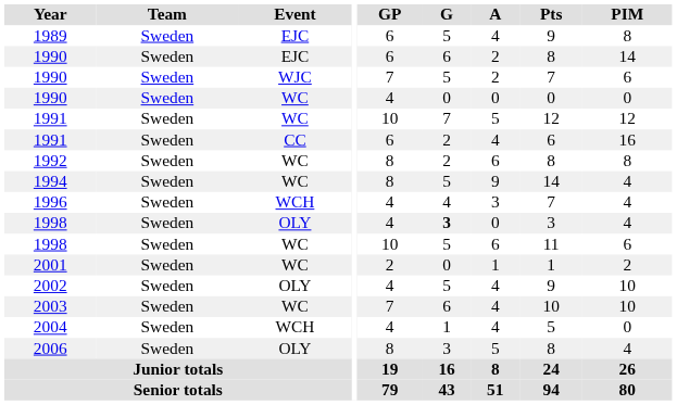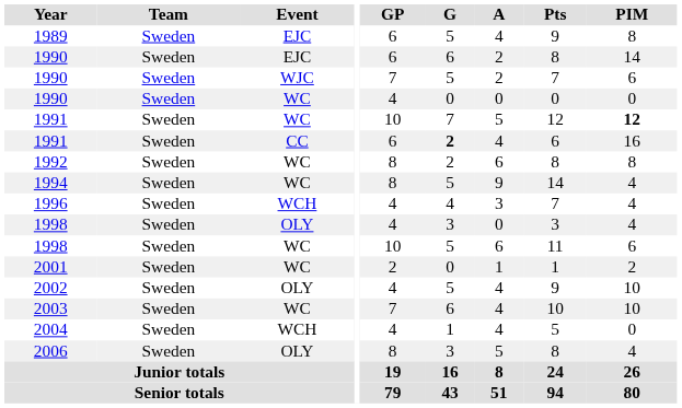 <table border="0" cellpadding="1" cellspacing="0" ID="Table3" style="text-align:center; width:40em">
 <tr bgcolor="#e0e0e0">
 <th>Year</th>
 <th>Team</th>
 <th>Event</th>
 <th rowspan="102" bgcolor="#ffffff"></th>
 <th>GP</th>
 <th>G</th>
 <th>A</th>
 <th>Pts</th>
 <th>PIM</th>
 </tr>
 <tr>
 <td><a href='#'>1989</a></td>
 <td><a href='#'>Sweden</a></td>
 <td><a href='#'>EJC</a></td>
 <td>6</td>
 <td>5</td>
 <td>4</td>
 <td>9</td>
 <td>8</td>
 </tr>
 <tr bgcolor="#f0f0f0">
 <td><a href='#'>1990</a></td>
 <td>Sweden</td>
 <td>EJC</td>
 <td>6</td>
 <td>6</td>
 <td>2</td>
 <td>8</td>
 <td>14</td>
 </tr>
 <tr>
 <td><a href='#'>1990</a></td>
 <td><a href='#'>Sweden</a></td>
 <td><a href='#'>WJC</a></td>
 <td>7</td>
 <td>5</td>
 <td>2</td>
 <td>7</td>
 <td>6</td>
 </tr>
 <tr bgcolor="#f0f0f0">
 <td><a href='#'>1990</a></td>
 <td><a href='#'>Sweden</a></td>
 <td><a href='#'>WC</a></td>
 <td>4</td>
 <td>0</td>
 <td>0</td>
 <td>0</td>
 <td>0</td>
 </tr>
 <tr>
 <td><a href='#'>1991</a></td>
 <td>Sweden</td>
 <td><a href='#'>WC</a></td>
 <td>10</td>
 <td>7</td>
 <td>5</td>
 <td>12</td>
-<td>12</td>
+<td><strong>12</strong></td>
 </tr>
 <tr bgcolor="#f0f0f0">
 <td><a href='#'>1991</a></td>
 <td>Sweden</td>
 <td><a href='#'>CC</a></td>
 <td>6</td>
-<td>2</td>
+<td><strong>2</strong></td>
 <td>4</td>
 <td>6</td>
 <td>16</td>
 </tr>
 <tr>
 <td><a href='#'>1992</a></td>
 <td>Sweden</td>
 <td>WC</td>
 <td>8</td>
 <td>2</td>
 <td>6</td>
 <td>8</td>
 <td>8</td>
 </tr>
 <tr bgcolor="#f0f0f0">
 <td><a href='#'>1994</a></td>
 <td>Sweden</td>
 <td>WC</td>
 <td>8</td>
 <td>5</td>
 <td>9</td>
 <td>14</td>
 <td>4</td>
 </tr>
 <tr>
 <td><a href='#'>1996</a></td>
 <td>Sweden</td>
 <td><a href='#'>WCH</a></td>
 <td>4</td>
 <td>4</td>
 <td>3</td>
 <td>7</td>
 <td>4</td>
 </tr>
 <tr bgcolor="#f0f0f0">
 <td><a href='#'>1998</a></td>
 <td>Sweden</td>
 <td><a href='#'>OLY</a></td>
 <td>4</td>
-<td><strong>3</strong></td>
+<td>3</td>
 <td>0</td>
 <td>3</td>
 <td>4</td>
 </tr>
 <tr>
 <td><a href='#'>1998</a></td>
 <td>Sweden</td>
 <td>WC</td>
 <td>10</td>
 <td>5</td>
 <td>6</td>
 <td>11</td>
 <td>6</td>
 </tr>
 <tr bgcolor="#f0f0f0">
 <td><a href='#'>2001</a></td>
 <td>Sweden</td>
 <td>WC</td>
 <td>2</td>
 <td>0</td>
 <td>1</td>
 <td>1</td>
 <td>2</td>
 </tr>
 <tr>
 <td><a href='#'>2002</a></td>
 <td>Sweden</td>
 <td>OLY</td>
 <td>4</td>
 <td>5</td>
 <td>4</td>
 <td>9</td>
 <td>10</td>
 </tr>
 <tr bgcolor="#f0f0f0">
 <td><a href='#'>2003</a></td>
 <td>Sweden</td>
 <td>WC</td>
 <td>7</td>
 <td>6</td>
 <td>4</td>
 <td>10</td>
 <td>10</td>
 </tr>
 <tr>
 <td><a href='#'>2004</a></td>
 <td>Sweden</td>
 <td>WCH</td>
 <td>4</td>
 <td>1</td>
 <td>4</td>
 <td>5</td>
 <td>0</td>
 </tr>
 <tr bgcolor="#f0f0f0">
 <td><a href='#'>2006</a></td>
 <td>Sweden</td>
 <td>OLY</td>
 <td>8</td>
 <td>3</td>
 <td>5</td>
 <td>8</td>
 <td>4</td>
 </tr>
 <tr bgcolor="#e0e0e0">
 <th colspan=3>Junior totals</th>
 <th>19</th>
 <th>16</th>
 <th>8</th>
 <th>24</th>
 <th>26</th>
 </tr>
 <tr bgcolor="#e0e0e0">
 <th colspan=3>Senior totals</th>
 <th>79</th>
 <th>43</th>
 <th>51</th>
 <th>94</th>
 <th>80</th>
 </tr>
 </table>
